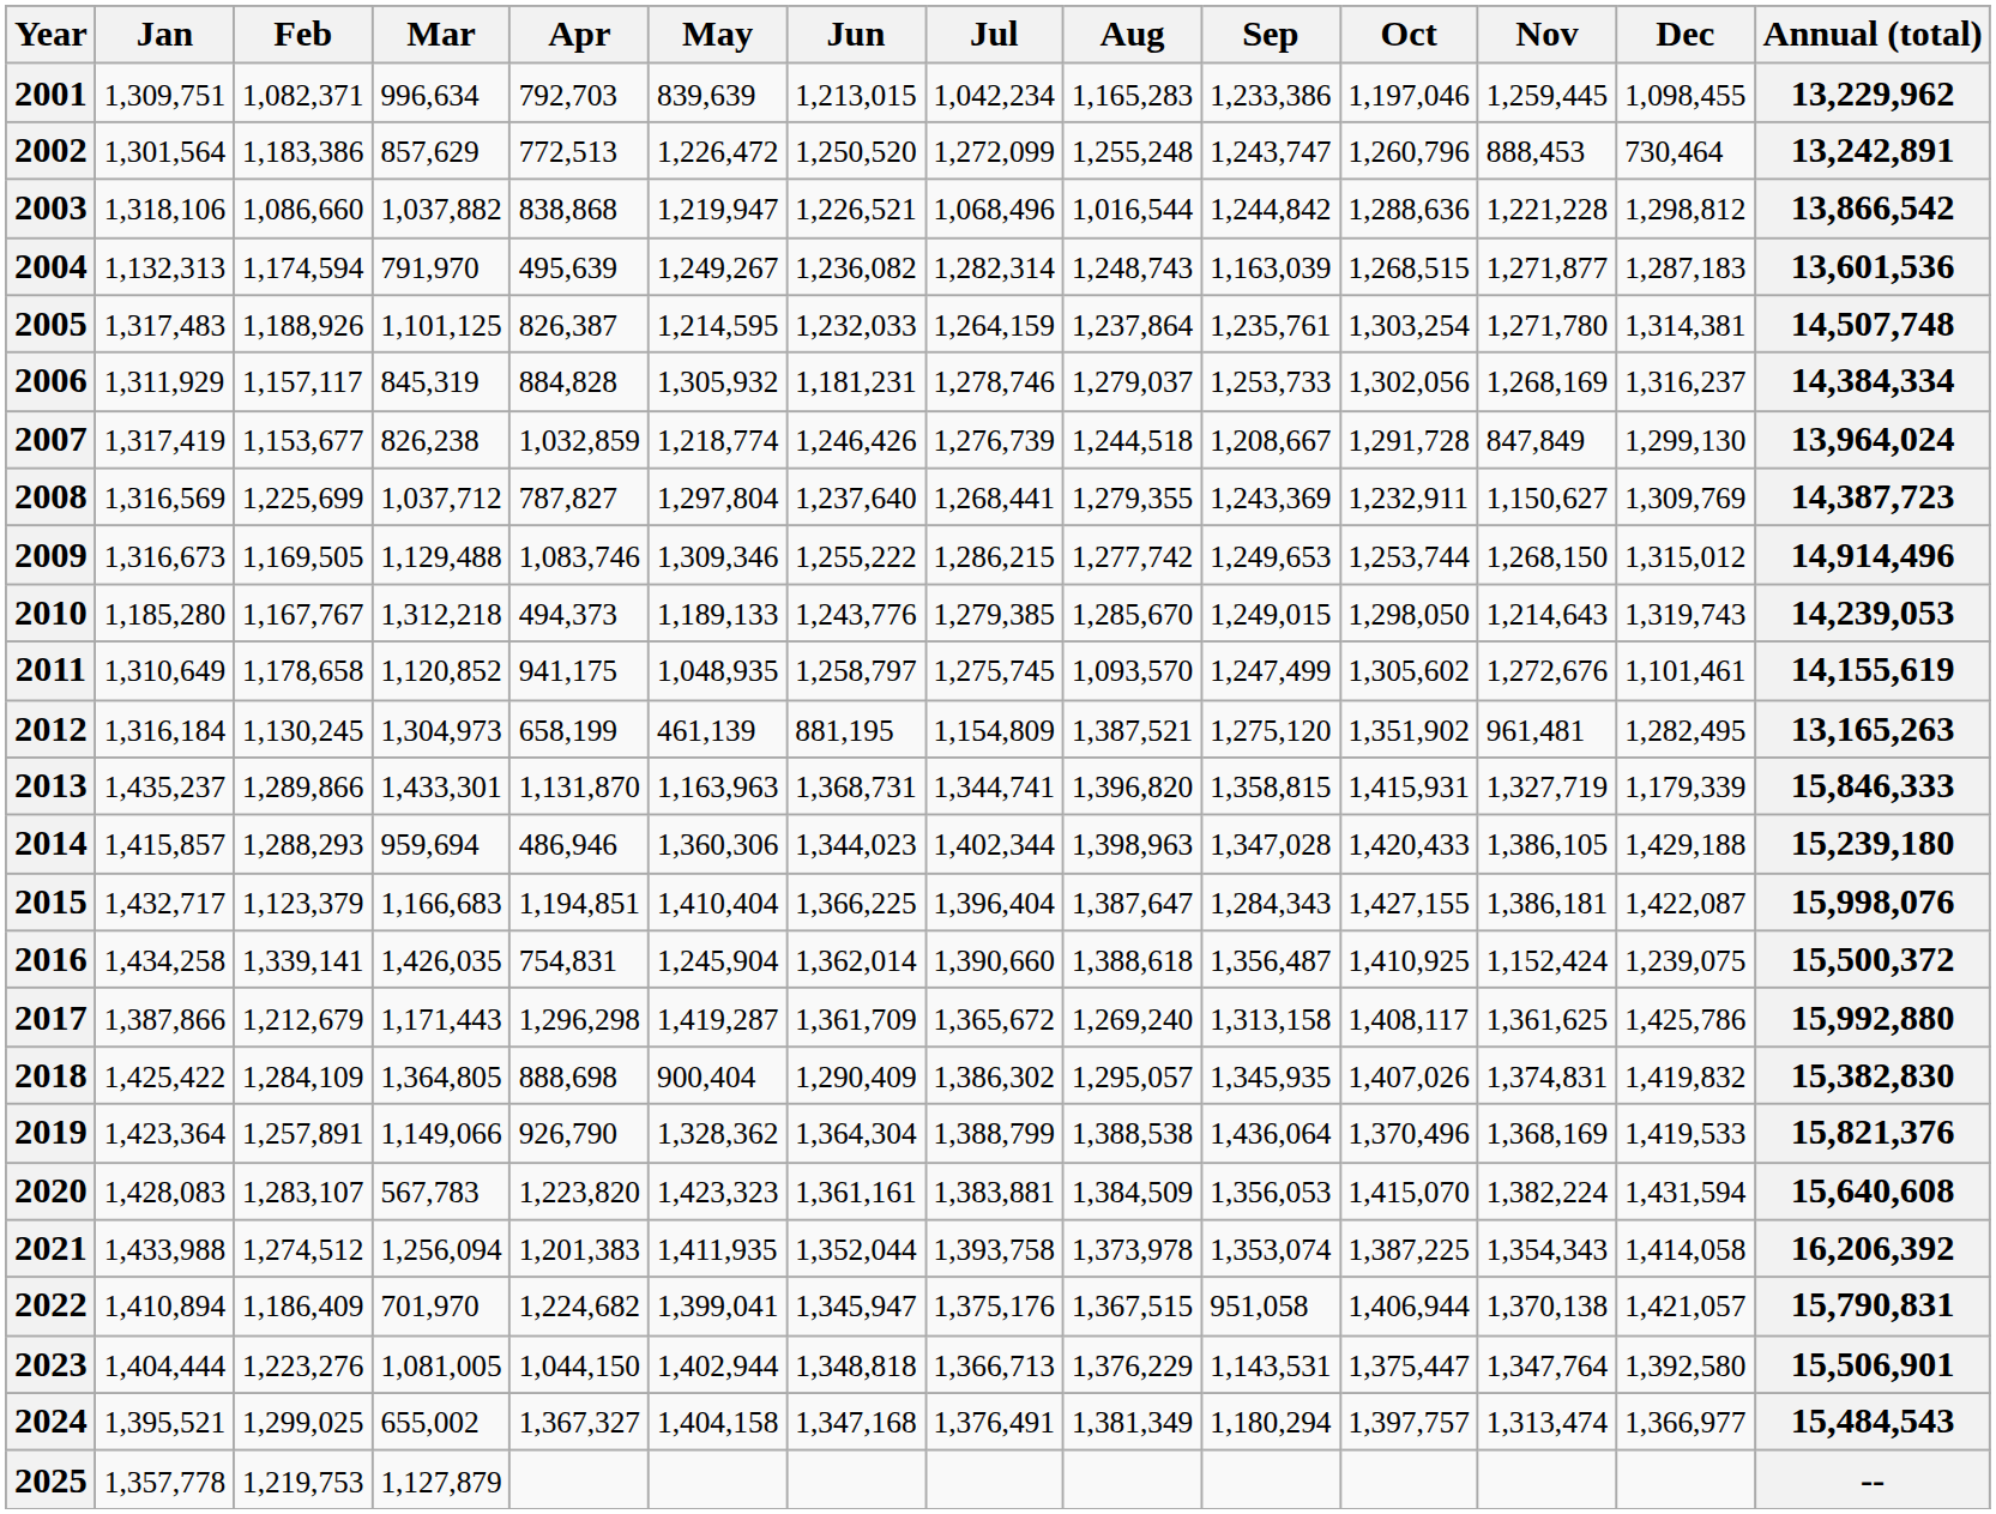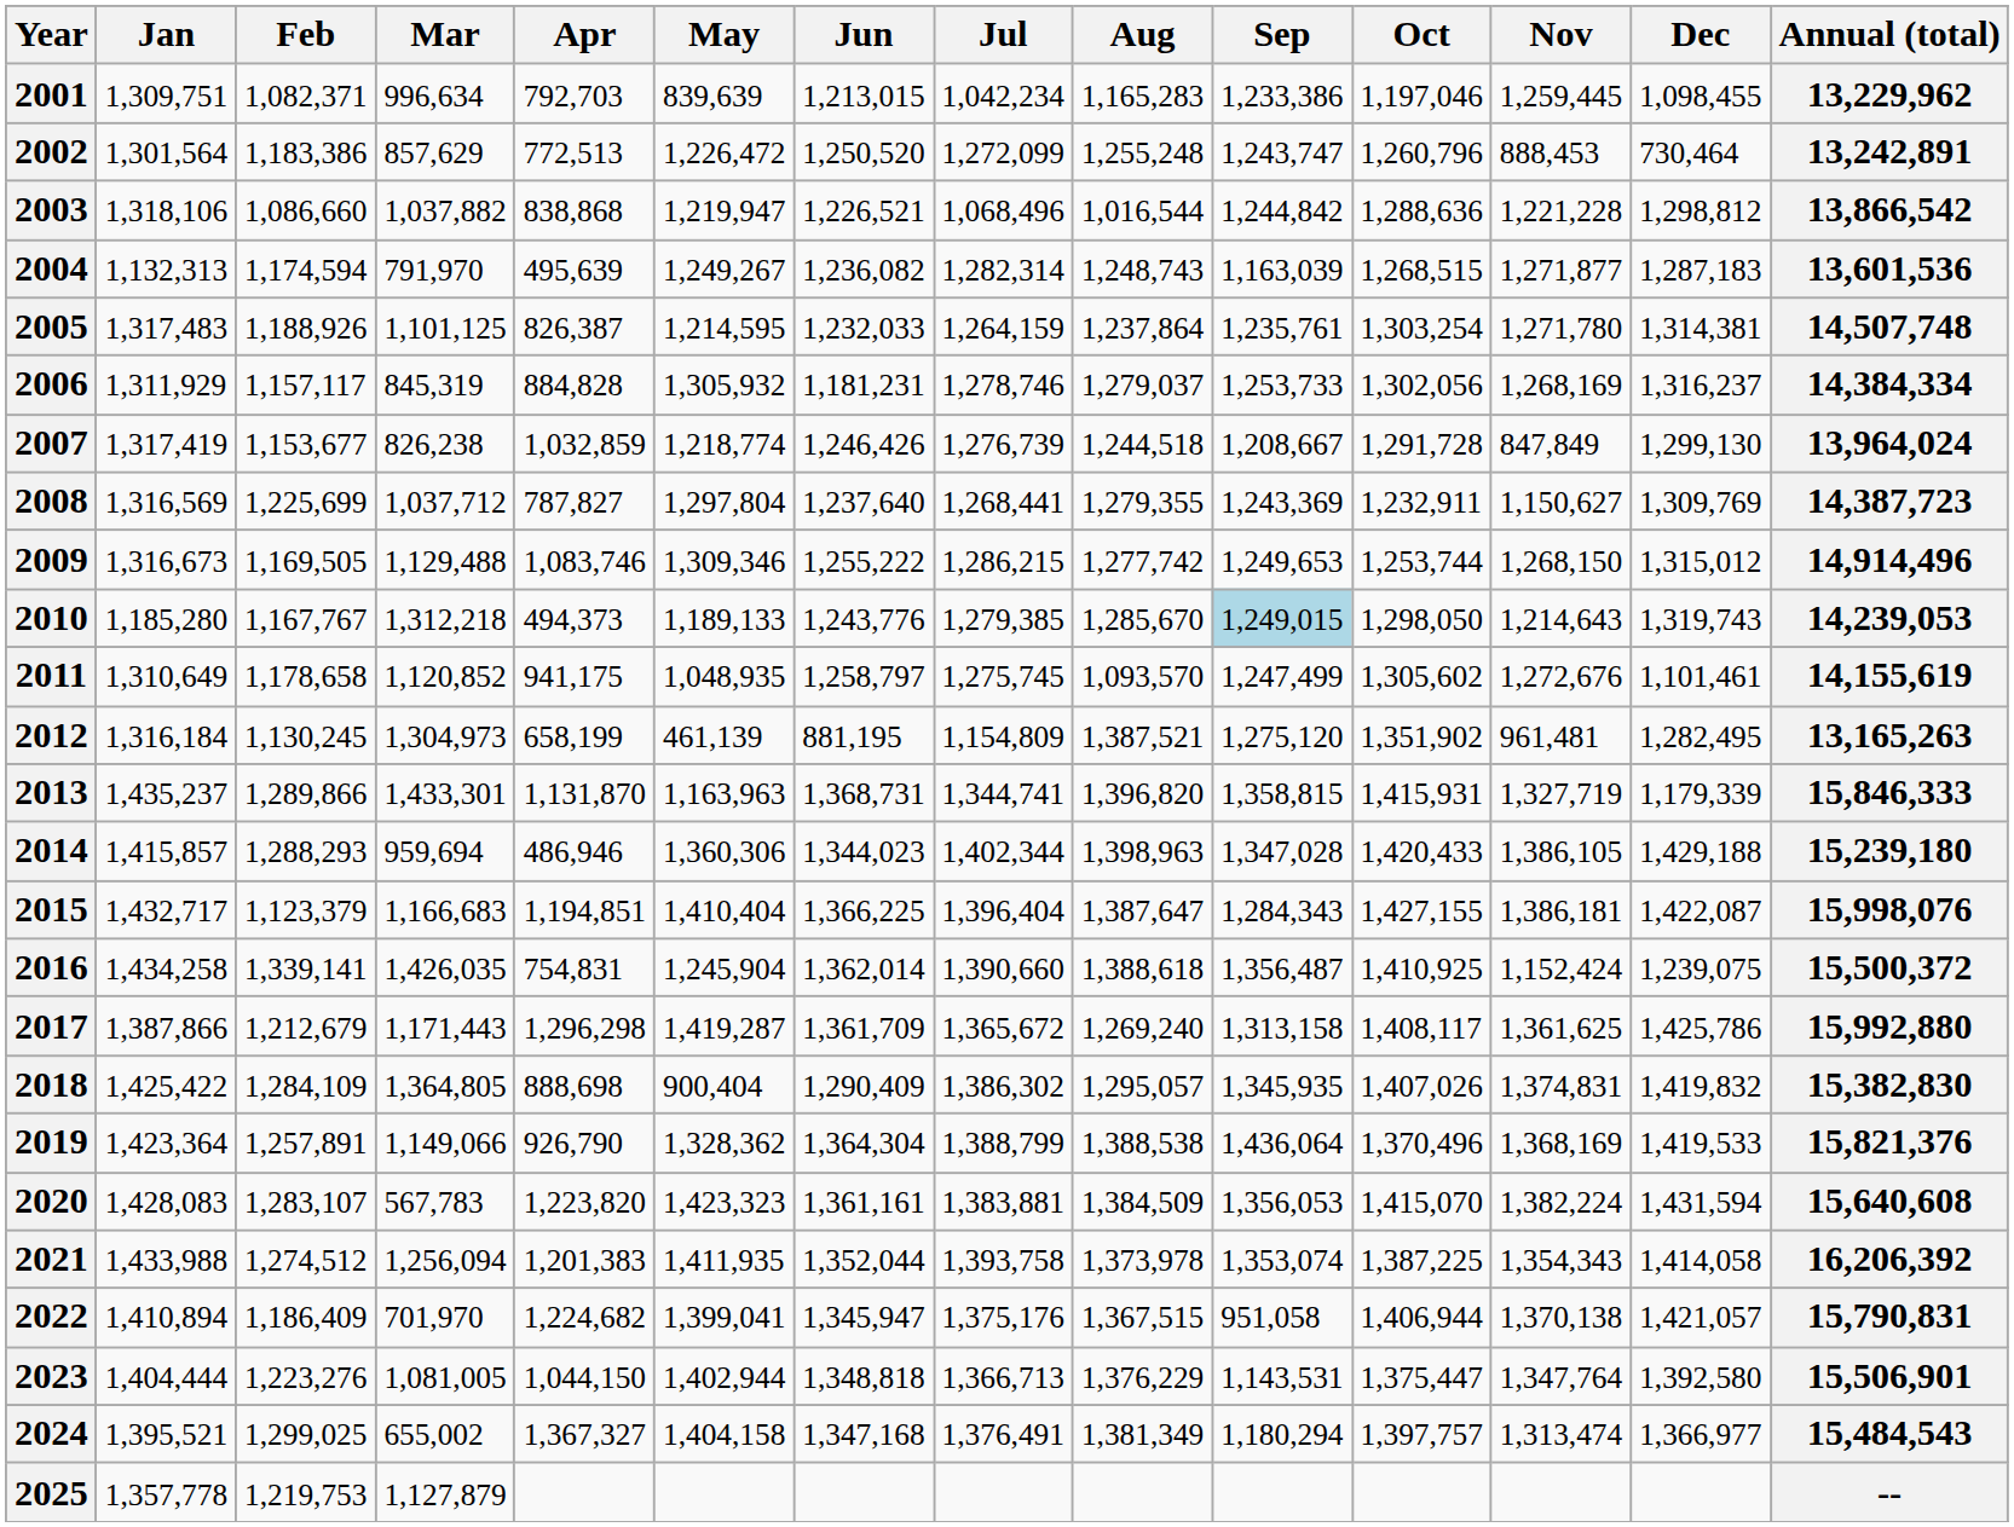 <table class="wikitable">
 <tr>
 <th>Year</th>
 <th>Jan</th>
 <th>Feb</th>
 <th>Mar</th>
 <th>Apr</th>
 <th>May</th>
 <th>Jun</th>
 <th>Jul</th>
 <th>Aug</th>
 <th>Sep</th>
 <th>Oct</th>
 <th>Nov</th>
 <th>Dec</th>
 <th>Annual (total)</th>
 </tr>
 <tr>
 <th>2001</th>
 <td><small>1,309,751</small></td>
 <td><small>1,082,371</small></td>
 <td><small>996,634</small></td>
 <td><small>792,703</small></td>
 <td><small>839,639</small></td>
 <td><small>1,213,015</small></td>
 <td><small>1,042,234</small></td>
 <td><small>1,165,283</small></td>
 <td><small>1,233,386</small></td>
 <td><small>1,197,046</small></td>
 <td><small>1,259,445</small></td>
 <td><small>1,098,455</small></td>
 <th>13,229,962</th>
 </tr>
 <tr>
 <th>2002</th>
 <td><small>1,301,564</small></td>
 <td><small>1,183,386</small></td>
 <td><small>857,629</small></td>
 <td><small>772,513</small></td>
 <td><small>1,226,472</small></td>
 <td><small>1,250,520</small></td>
 <td><small>1,272,099</small></td>
 <td><small>1,255,248</small></td>
 <td><small>1,243,747</small></td>
 <td><small>1,260,796</small></td>
 <td><small>888,453</small></td>
 <td><small>730,464</small></td>
 <th>13,242,891</th>
 </tr>
 <tr>
 <th>2003</th>
 <td><small>1,318,106</small></td>
 <td><small>1,086,660</small></td>
 <td><small>1,037,882</small></td>
 <td><small>838,868</small></td>
 <td><small>1,219,947</small></td>
 <td><small>1,226,521</small></td>
 <td><small>1,068,496</small></td>
 <td><small>1,016,544</small></td>
 <td><small>1,244,842</small></td>
 <td><small>1,288,636</small></td>
 <td><small>1,221,228</small></td>
 <td><small>1,298,812</small></td>
 <th>13,866,542</th>
 </tr>
 <tr>
 <th>2004</th>
 <td><small>1,132,313</small></td>
 <td><small>1,174,594</small></td>
 <td><small>791,970</small></td>
 <td><small>495,639</small></td>
 <td><small>1,249,267</small></td>
 <td><small>1,236,082</small></td>
 <td><small>1,282,314</small></td>
 <td><small>1,248,743</small></td>
 <td><small>1,163,039</small></td>
 <td><small>1,268,515</small></td>
 <td><small>1,271,877</small></td>
 <td><small>1,287,183</small></td>
 <th>13,601,536</th>
 </tr>
 <tr>
 <th>2005</th>
 <td><small>1,317,483</small></td>
 <td><small>1,188,926</small></td>
 <td><small>1,101,125</small></td>
 <td><small>826,387</small></td>
 <td><small>1,214,595</small></td>
 <td><small>1,232,033</small></td>
 <td><small>1,264,159</small></td>
 <td><small>1,237,864</small></td>
 <td><small>1,235,761</small></td>
 <td><small>1,303,254</small></td>
 <td><small>1,271,780</small></td>
 <td><small>1,314,381</small></td>
 <th>14,507,748</th>
 </tr>
 <tr>
 <th>2006</th>
 <td><small>1,311,929</small></td>
 <td><small>1,157,117</small></td>
 <td><small>845,319</small></td>
 <td><small>884,828</small></td>
 <td><small>1,305,932</small></td>
 <td><small>1,181,231</small></td>
 <td><small>1,278,746</small></td>
 <td><small>1,279,037</small></td>
 <td><small>1,253,733</small></td>
 <td><small>1,302,056</small></td>
 <td><small>1,268,169</small></td>
 <td><small>1,316,237</small></td>
 <th>14,384,334</th>
 </tr>
 <tr>
 <th>2007</th>
 <td><small>1,317,419</small></td>
 <td><small>1,153,677</small></td>
 <td><small>826,238</small></td>
 <td><small>1,032,859</small></td>
 <td><small>1,218,774</small></td>
 <td><small>1,246,426</small></td>
 <td><small>1,276,739</small></td>
 <td><small>1,244,518</small></td>
 <td><small>1,208,667</small></td>
 <td><small>1,291,728</small></td>
 <td><small>847,849</small></td>
 <td><small>1,299,130</small></td>
 <th>13,964,024</th>
 </tr>
 <tr>
 <th>2008</th>
 <td><small>1,316,569</small></td>
 <td><small>1,225,699</small></td>
 <td><small>1,037,712</small></td>
 <td><small>787,827</small></td>
 <td><small>1,297,804</small></td>
 <td><small>1,237,640</small></td>
 <td><small>1,268,441</small></td>
 <td><small>1,279,355</small></td>
 <td><small>1,243,369</small></td>
 <td><small>1,232,911</small></td>
 <td><small>1,150,627</small></td>
 <td><small>1,309,769</small></td>
 <th>14,387,723</th>
 </tr>
 <tr>
 <th>2009</th>
 <td><small>1,316,673</small></td>
 <td><small>1,169,505</small></td>
 <td><small>1,129,488</small></td>
 <td><small>1,083,746</small></td>
 <td><small>1,309,346</small></td>
 <td><small>1,255,222</small></td>
 <td><small>1,286,215</small></td>
 <td><small>1,277,742</small></td>
 <td><small>1,249,653</small></td>
 <td><small>1,253,744</small></td>
 <td><small>1,268,150</small></td>
 <td><small>1,315,012</small></td>
 <th>14,914,496</th>
 </tr>
 <tr>
 <th>2010</th>
 <td><small>1,185,280</small></td>
 <td><small>1,167,767</small></td>
 <td><small>1,312,218</small></td>
 <td><small>494,373</small></td>
 <td><small>1,189,133</small></td>
 <td><small>1,243,776</small></td>
 <td><small>1,279,385</small></td>
 <td><small>1,285,670</small></td>
-<td><small>1,249,015</small></td>
+<td style="background: lightblue;"><small>1,249,015</small></td>
 <td><small>1,298,050</small></td>
 <td><small>1,214,643</small></td>
 <td><small>1,319,743</small></td>
 <th>14,239,053</th>
 </tr>
 <tr>
 <th>2011</th>
 <td><small>1,310,649</small></td>
 <td><small>1,178,658</small></td>
 <td><small>1,120,852</small></td>
 <td><small>941,175</small></td>
 <td><small>1,048,935</small></td>
 <td><small>1,258,797</small></td>
 <td><small>1,275,745</small></td>
 <td><small>1,093,570</small></td>
 <td><small>1,247,499</small></td>
 <td><small>1,305,602</small></td>
 <td><small>1,272,676</small></td>
 <td><small>1,101,461</small></td>
 <th>14,155,619</th>
 </tr>
 <tr>
 <th>2012</th>
 <td><small>1,316,184</small></td>
 <td><small>1,130,245</small></td>
 <td><small>1,304,973</small></td>
 <td><small>658,199</small></td>
 <td><small>461,139</small></td>
 <td><small>881,195</small></td>
 <td><small>1,154,809</small></td>
 <td><small>1,387,521</small></td>
 <td><small>1,275,120</small></td>
 <td><small>1,351,902</small></td>
 <td><small>961,481</small></td>
 <td><small>1,282,495</small></td>
 <th>13,165,263</th>
 </tr>
 <tr>
 <th>2013</th>
 <td><small>1,435,237</small></td>
 <td><small>1,289,866</small></td>
 <td><small>1,433,301</small></td>
 <td><small>1,131,870</small></td>
 <td><small>1,163,963</small></td>
 <td><small>1,368,731</small></td>
 <td><small>1,344,741</small></td>
 <td><small>1,396,820</small></td>
 <td><small>1,358,815</small></td>
 <td><small>1,415,931</small></td>
 <td><small>1,327,719</small></td>
 <td><small>1,179,339</small></td>
 <th>15,846,333</th>
 </tr>
 <tr>
 <th>2014</th>
 <td><small>1,415,857</small></td>
 <td><small>1,288,293</small></td>
 <td><small>959,694</small></td>
 <td><small>486,946</small></td>
 <td><small>1,360,306</small></td>
 <td><small>1,344,023</small></td>
 <td><small>1,402,344</small></td>
 <td><small>1,398,963</small></td>
 <td><small>1,347,028</small></td>
 <td><small>1,420,433</small></td>
 <td><small>1,386,105</small></td>
 <td><small>1,429,188</small></td>
 <th>15,239,180</th>
 </tr>
 <tr>
 <th>2015</th>
 <td><small>1,432,717</small></td>
 <td><small>1,123,379</small></td>
 <td><small>1,166,683</small></td>
 <td><small>1,194,851</small></td>
 <td><small>1,410,404</small></td>
 <td><small>1,366,225</small></td>
 <td><small>1,396,404</small></td>
 <td><small>1,387,647</small></td>
 <td><small>1,284,343</small></td>
 <td><small>1,427,155</small></td>
 <td><small>1,386,181</small></td>
 <td><small>1,422,087</small></td>
 <th>15,998,076</th>
 </tr>
 <tr>
 <th>2016</th>
 <td><small>1,434,258</small></td>
 <td><small>1,339,141</small></td>
 <td><small>1,426,035</small></td>
 <td><small>754,831</small></td>
 <td><small>1,245,904</small></td>
 <td><small>1,362,014</small></td>
 <td><small>1,390,660</small></td>
 <td><small>1,388,618</small></td>
 <td><small>1,356,487</small></td>
 <td><small>1,410,925</small></td>
 <td><small>1,152,424</small></td>
 <td><small>1,239,075</small></td>
 <th>15,500,372</th>
 </tr>
 <tr>
 <th>2017</th>
 <td><small>1,387,866</small></td>
 <td><small>1,212,679</small></td>
 <td><small>1,171,443</small></td>
 <td><small>1,296,298</small></td>
 <td><small>1,419,287</small></td>
 <td><small>1,361,709</small></td>
 <td><small>1,365,672</small></td>
 <td><small>1,269,240</small></td>
 <td><small>1,313,158</small></td>
 <td><small>1,408,117</small></td>
 <td><small>1,361,625</small></td>
 <td><small>1,425,786</small></td>
 <th>15,992,880</th>
 </tr>
 <tr>
 <th>2018</th>
 <td><small>1,425,422</small></td>
 <td><small>1,284,109</small></td>
 <td><small>1,364,805</small></td>
 <td><small>888,698</small></td>
 <td><small>900,404</small></td>
 <td><small>1,290,409</small></td>
 <td><small>1,386,302</small></td>
 <td><small>1,295,057</small></td>
 <td><small>1,345,935</small></td>
 <td><small>1,407,026</small></td>
 <td><small>1,374,831</small></td>
 <td><small>1,419,832</small></td>
 <th>15,382,830</th>
 </tr>
 <tr>
 <th>2019</th>
 <td><small>1,423,364</small></td>
 <td><small>1,257,891</small></td>
 <td><small>1,149,066</small></td>
 <td><small>926,790</small></td>
 <td><small>1,328,362</small></td>
 <td><small>1,364,304</small></td>
 <td><small>1,388,799</small></td>
 <td><small>1,388,538</small></td>
 <td><small>1,436,064</small></td>
 <td><small>1,370,496</small></td>
 <td><small>1,368,169</small></td>
 <td><small>1,419,533</small></td>
 <th>15,821,376</th>
 </tr>
 <tr>
 <th>2020</th>
 <td><small>1,428,083</small></td>
 <td><small>1,283,107</small></td>
 <td><small>567,783</small></td>
 <td><small>1,223,820</small></td>
 <td><small>1,423,323</small></td>
 <td><small>1,361,161</small></td>
 <td><small>1,383,881</small></td>
 <td><small>1,384,509</small></td>
 <td><small>1,356,053</small></td>
 <td><small>1,415,070</small></td>
 <td><small>1,382,224</small></td>
 <td><small>1,431,594</small></td>
 <th>15,640,608</th>
 </tr>
 <tr>
 <th>2021</th>
 <td><small>1,433,988</small></td>
 <td><small>1,274,512</small></td>
 <td><small>1,256,094</small></td>
 <td><small>1,201,383</small></td>
 <td><small>1,411,935</small></td>
 <td><small>1,352,044</small></td>
 <td><small>1,393,758</small></td>
 <td><small>1,373,978</small></td>
 <td><small>1,353,074</small></td>
 <td><small>1,387,225</small></td>
 <td><small>1,354,343</small></td>
 <td><small>1,414,058</small></td>
 <th>16,206,392</th>
 </tr>
 <tr>
 <th>2022</th>
 <td><small>1,410,894</small></td>
 <td><small>1,186,409</small></td>
 <td><small>701,970</small></td>
 <td><small>1,224,682</small></td>
 <td><small>1,399,041</small></td>
 <td><small>1,345,947</small></td>
 <td><small>1,375,176</small></td>
 <td><small>1,367,515</small></td>
 <td><small>951,058</small></td>
 <td><small>1,406,944</small></td>
 <td><small>1,370,138</small></td>
 <td><small>1,421,057</small></td>
 <th>15,790,831</th>
 </tr>
 <tr>
 <th>2023</th>
 <td><small>1,404,444</small></td>
 <td><small>1,223,276</small></td>
 <td><small>1,081,005</small></td>
 <td><small>1,044,150</small></td>
 <td><small>1,402,944</small></td>
 <td><small>1,348,818</small></td>
 <td><small>1,366,713</small></td>
 <td><small>1,376,229</small></td>
 <td><small>1,143,531</small></td>
 <td><small>1,375,447</small></td>
 <td><small>1,347,764</small></td>
 <td><small>1,392,580</small></td>
 <th>15,506,901</th>
 </tr>
 <tr>
 <th>2024</th>
 <td><small>1,395,521</small></td>
 <td><small>1,299,025</small></td>
 <td><small>655,002</small></td>
 <td><small>1,367,327</small></td>
 <td><small>1,404,158</small></td>
 <td><small>1,347,168</small></td>
 <td><small>1,376,491</small></td>
 <td><small>1,381,349</small></td>
 <td><small>1,180,294</small></td>
 <td><small>1,397,757</small></td>
 <td><small>1,313,474</small></td>
 <td><small>1,366,977</small></td>
 <th>15,484,543</th>
 </tr>
 <tr>
 <th>2025</th>
 <td><small>1,357,778</small></td>
 <td><small>1,219,753</small></td>
 <td><small>1,127,879</small></td>
 <td><small></small></td>
 <td><small></small></td>
 <td><small></small></td>
 <td><small></small></td>
 <td><small></small></td>
 <td><small></small></td>
 <td><small></small></td>
 <td><small></small></td>
 <td><small></small></td>
 <th>--</th>
 </tr>
 <tr>
 </tr>
 </table>
